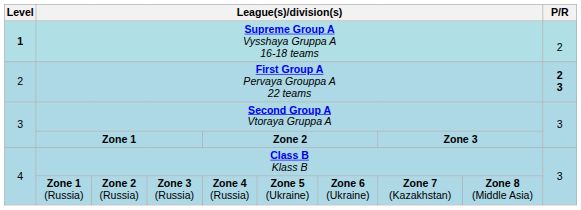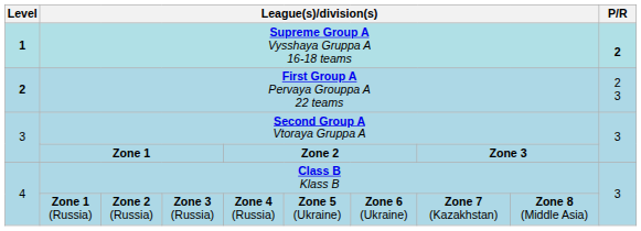 <table class="wikitable" style="text-align:center">
 <tr>
 <th style="width:4%">Level</th>
 <th colspan="8" style="width:90%">League(s)/division(s)</th>
 <th style="width:6%">P/R</th>
 </tr>
 <tr bgcolor=powderblue>
 <td><strong>1</strong></td>
 <td colspan="8"><strong><a href='#'>Supreme Group A</a></strong><br><em>Vysshaya Gruppa A</em><br><em>16-18 teams</em></td>
-<td><br> 2</td>
+<td><strong><br> 2</strong></td>
 </tr>
 <tr bgcolor=lightblue>
-<td>2</td>
+<td><strong>2</strong></td>
 <td colspan="8"><strong><a href='#'>First Group A</a></strong><br><em>Pervaya Grouppa A</em><br><em>22 teams</em></td>
-<td><strong> 2<br> 3</strong></td>
+<td> 2<br> 3</td>
 </tr>
 <tr bgcolor=lightblue>
 <td rowspan="2">3</td>
 <td colspan="8"><strong><a href='#'>Second Group A</a></strong> <br><em>Vtoraya Gruppa A</em></td>
 <td rowspan="2"> 3</td>
 </tr>
 <tr bgcolor=lightblue>
 <td colspan="3"><strong>Zone 1</strong><br></td>
 <td colspan="3"><strong>Zone 2</strong><br></td>
 <td colspan="2"><strong>Zone 3</strong><br></td>
 </tr>
 <tr bgcolor=lightblue>
 <td rowspan="2">4</td>
 <td colspan="8"><strong><a href='#'>Class B</a></strong> <br><em>Klass B</em></td>
 <td rowspan="2"> 3</td>
 </tr>
 <tr bgcolor=lightblue>
 <td><strong>Zone 1</strong><br>(Russia)</td>
 <td><strong>Zone 2</strong><br>(Russia)</td>
 <td><strong>Zone 3</strong><br>(Russia)</td>
 <td><strong>Zone 4</strong><br>(Russia)</td>
 <td><strong>Zone 5</strong><br>(Ukraine)</td>
 <td><strong>Zone 6</strong><br>(Ukraine)</td>
 <td><strong>Zone 7</strong><br>(Kazakhstan)</td>
 <td><strong>Zone 8</strong><br>(Middle Asia)</td>
 </tr>
 </table>
